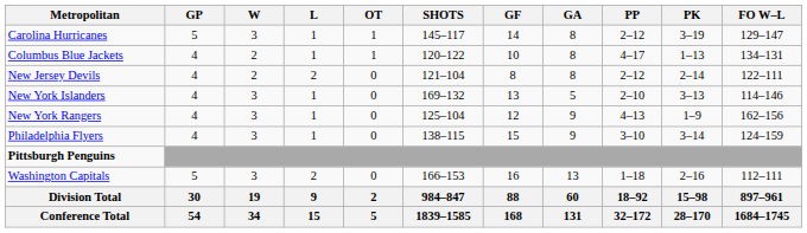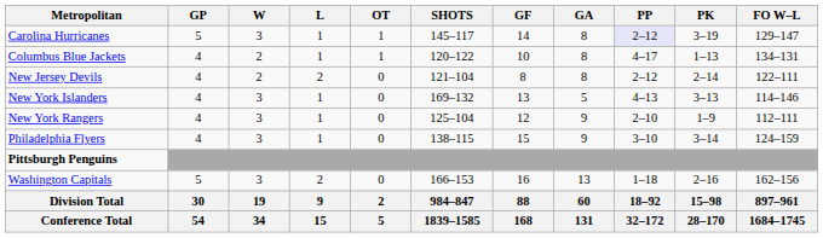 <table class="wikitable" style="text-align:center; width:65em; font-size:85%;">
 <tr>
 <th width="20%">Metropolitan</th>
 <th width="7.5%">GP</th>
 <th width="7.5%">W</th>
 <th width="7.5%">L</th>
 <th width="7.5%">OT</th>
 <th width="10%">SHOTS</th>
 <th width="7.5%">GF</th>
 <th width="7.5%">GA</th>
 <th width="7.5%">PP</th>
 <th width="7.5%">PK</th>
 <th width="10%">FO W–L</th>
 </tr>
 <tr>
 <td align=left><a href='#'>Carolina Hurricanes</a></td>
 <td>5</td>
 <td>3</td>
 <td>1</td>
 <td>1</td>
 <td>145–117</td>
 <td>14</td>
 <td>8</td>
-<td>2–12</td>
+<td style="background: lavender;">2–12</td>
 <td>3–19</td>
 <td>129–147</td>
 </tr>
 <tr>
 <td align=left><a href='#'>Columbus Blue Jackets</a></td>
 <td>4</td>
 <td>2</td>
 <td>1</td>
 <td>1</td>
 <td>120–122</td>
 <td>10</td>
 <td>8</td>
 <td>4–17</td>
 <td>1–13</td>
 <td>134–131</td>
 </tr>
 <tr>
 <td align=left><a href='#'>New Jersey Devils</a></td>
 <td>4</td>
 <td>2</td>
 <td>2</td>
 <td>0</td>
 <td>121–104</td>
 <td>8</td>
 <td>8</td>
 <td>2–12</td>
 <td>2–14</td>
 <td>122–111</td>
 </tr>
 <tr>
 <td align=left><a href='#'>New York Islanders</a></td>
 <td>4</td>
 <td>3</td>
 <td>1</td>
 <td>0</td>
 <td>169–132</td>
 <td>13</td>
 <td>5</td>
-<td>2–10</td>
+<td>4–13</td>
 <td>3–13</td>
 <td>114–146</td>
 </tr>
 <tr>
 <td align=left><a href='#'>New York Rangers</a></td>
 <td>4</td>
 <td>3</td>
 <td>1</td>
 <td>0</td>
 <td>125–104</td>
 <td>12</td>
 <td>9</td>
-<td>4–13</td>
+<td>2–10</td>
 <td>1–9</td>
-<td>162–156</td>
+<td>112–111</td>
 </tr>
 <tr>
 <td align=left><a href='#'>Philadelphia Flyers</a></td>
 <td>4</td>
 <td>3</td>
 <td>1</td>
 <td>0</td>
 <td>138–115</td>
 <td>15</td>
 <td>9</td>
 <td>3–10</td>
 <td>3–14</td>
 <td>124–159</td>
 </tr>
 <tr>
 <td align=left><strong>Pittsburgh Penguins</strong></td>
 <td style="background:darkgray;" colspan=10></td>
 </tr>
 <tr>
 <td align=left><a href='#'>Washington Capitals</a></td>
 <td>5</td>
 <td>3</td>
 <td>2</td>
 <td>0</td>
 <td>166–153</td>
 <td>16</td>
 <td>13</td>
 <td>1–18</td>
 <td>2–16</td>
-<td>112–111</td>
+<td>162–156</td>
 </tr>
 <tr>
 <th>Division Total</th>
 <th>30</th>
 <th>19</th>
 <th>9</th>
 <th>2</th>
 <th>984–847</th>
 <th>88</th>
 <th>60</th>
 <th>18–92</th>
 <th>15–98</th>
 <th>897–961</th>
 </tr>
 <tr>
 <th>Conference Total</th>
 <th>54</th>
 <th>34</th>
 <th>15</th>
 <th>5</th>
 <th>1839–1585</th>
 <th>168</th>
 <th>131</th>
 <th>32–172</th>
 <th>28–170</th>
 <th>1684–1745</th>
 </tr>
 </table>
